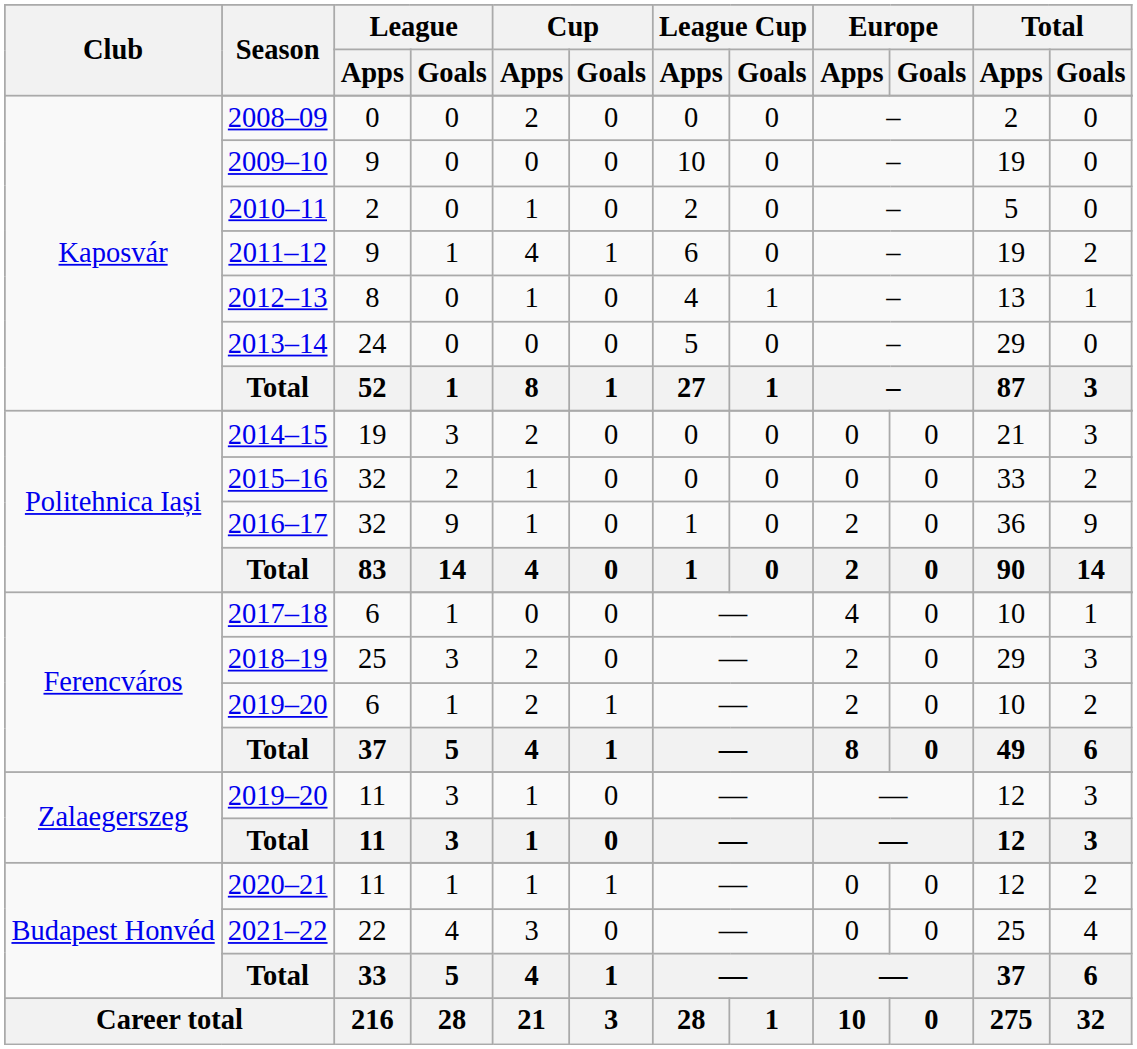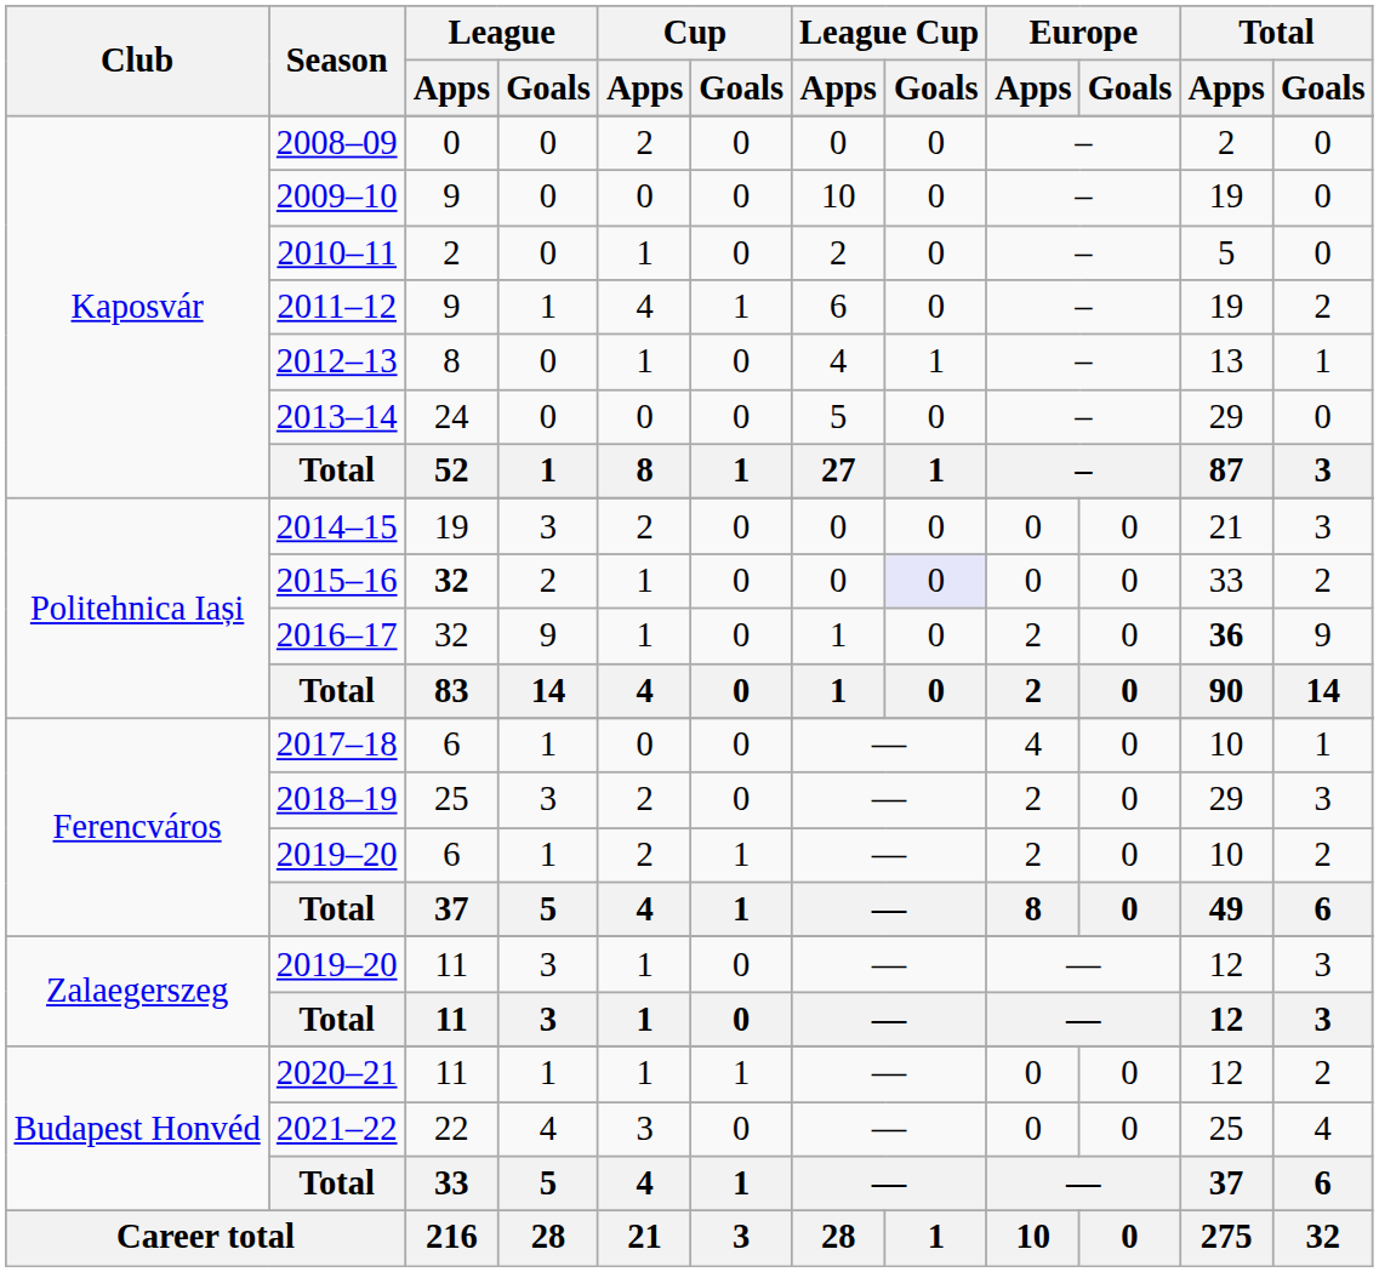 <table class="wikitable" style="text-align: center;">
 <tr>
 <th rowspan="2">Club</th>
 <th rowspan="2">Season</th>
 <th colspan="2">League</th>
 <th colspan="2">Cup</th>
 <th colspan="2">League Cup</th>
 <th colspan="2">Europe</th>
 <th colspan="2">Total</th>
 </tr>
 <tr>
 <th>Apps</th>
 <th>Goals</th>
 <th>Apps</th>
 <th>Goals</th>
 <th>Apps</th>
 <th>Goals</th>
 <th>Apps</th>
 <th>Goals</th>
 <th>Apps</th>
 <th>Goals</th>
 </tr>
 <tr>
 <td rowspan="8"><a href='#'>Kaposvár</a></td>
 </tr>
 <tr>
 <td><a href='#'>2008–09</a></td>
 <td>0</td>
 <td>0</td>
 <td>2</td>
 <td>0</td>
 <td>0</td>
 <td>0</td>
 <td rowspan=1 colspan="2">–</td>
 <td>2</td>
 <td>0</td>
 </tr>
 <tr>
 <td><a href='#'>2009–10</a></td>
 <td>9</td>
 <td>0</td>
 <td>0</td>
 <td>0</td>
 <td>10</td>
 <td>0</td>
 <td rowspan=1 colspan="2">–</td>
 <td>19</td>
 <td>0</td>
 </tr>
 <tr>
 <td><a href='#'>2010–11</a></td>
 <td>2</td>
 <td>0</td>
 <td>1</td>
 <td>0</td>
 <td>2</td>
 <td>0</td>
 <td rowspan=1 colspan="2">–</td>
 <td>5</td>
 <td>0</td>
 </tr>
 <tr>
 <td><a href='#'>2011–12</a></td>
 <td>9</td>
 <td>1</td>
 <td>4</td>
 <td>1</td>
 <td>6</td>
 <td>0</td>
 <td rowspan=1 colspan="2">–</td>
 <td>19</td>
 <td>2</td>
 </tr>
 <tr>
 <td><a href='#'>2012–13</a></td>
 <td>8</td>
 <td>0</td>
 <td>1</td>
 <td>0</td>
 <td>4</td>
 <td>1</td>
 <td rowspan=1 colspan="2">–</td>
 <td>13</td>
 <td>1</td>
 </tr>
 <tr>
 <td><a href='#'>2013–14</a></td>
 <td>24</td>
 <td>0</td>
 <td>0</td>
 <td>0</td>
 <td>5</td>
 <td>0</td>
 <td rowspan=1 colspan="2">–</td>
 <td>29</td>
 <td>0</td>
 </tr>
 <tr>
 <th>Total</th>
 <th>52</th>
 <th>1</th>
 <th>8</th>
 <th>1</th>
 <th>27</th>
 <th>1</th>
 <th rowspan=1 colspan="2">–</th>
 <th>87</th>
 <th>3</th>
 </tr>
 <tr>
 <td rowspan="5"><a href='#'>Politehnica Iași</a></td>
 </tr>
 <tr>
 <td><a href='#'>2014–15</a></td>
 <td>19</td>
 <td>3</td>
 <td>2</td>
 <td>0</td>
 <td>0</td>
 <td>0</td>
 <td>0</td>
 <td>0</td>
 <td>21</td>
 <td>3</td>
 </tr>
 <tr>
 <td><a href='#'>2015–16</a></td>
-<td>32</td>
+<td><strong>32</strong></td>
 <td>2</td>
 <td>1</td>
 <td>0</td>
 <td>0</td>
-<td>0</td>
+<td style="background: lavender;">0</td>
 <td>0</td>
 <td>0</td>
 <td>33</td>
 <td>2</td>
 </tr>
 <tr>
 <td><a href='#'>2016–17</a></td>
 <td>32</td>
 <td>9</td>
 <td>1</td>
 <td>0</td>
 <td>1</td>
 <td>0</td>
 <td>2</td>
 <td>0</td>
-<td>36</td>
+<td><strong>36</strong></td>
 <td>9</td>
 </tr>
 <tr>
 <th>Total</th>
 <th>83</th>
 <th>14</th>
 <th>4</th>
 <th>0</th>
 <th>1</th>
 <th>0</th>
 <th>2</th>
 <th>0</th>
 <th>90</th>
 <th>14</th>
 </tr>
 <tr>
 <td rowspan="5"><a href='#'>Ferencváros</a></td>
 </tr>
 <tr>
 <td><a href='#'>2017–18</a></td>
 <td>6</td>
 <td>1</td>
 <td>0</td>
 <td>0</td>
 <td colspan="2">—</td>
 <td>4</td>
 <td>0</td>
 <td>10</td>
 <td>1</td>
 </tr>
 <tr>
 <td><a href='#'>2018–19</a></td>
 <td>25</td>
 <td>3</td>
 <td>2</td>
 <td>0</td>
 <td colspan="2">—</td>
 <td>2</td>
 <td>0</td>
 <td>29</td>
 <td>3</td>
 </tr>
 <tr>
 <td><a href='#'>2019–20</a></td>
 <td>6</td>
 <td>1</td>
 <td>2</td>
 <td>1</td>
 <td colspan="2">—</td>
 <td>2</td>
 <td>0</td>
 <td>10</td>
 <td>2</td>
 </tr>
 <tr>
 <th>Total</th>
 <th>37</th>
 <th>5</th>
 <th>4</th>
 <th>1</th>
 <th colspan="2">—</th>
 <th>8</th>
 <th>0</th>
 <th>49</th>
 <th>6</th>
 </tr>
 <tr>
 <td rowspan="3"><a href='#'>Zalaegerszeg</a></td>
 </tr>
 <tr>
 <td><a href='#'>2019–20</a></td>
 <td>11</td>
 <td>3</td>
 <td>1</td>
 <td>0</td>
 <td colspan="2">—</td>
 <td colspan="2">—</td>
 <td>12</td>
 <td>3</td>
 </tr>
 <tr>
 <th>Total</th>
 <th>11</th>
 <th>3</th>
 <th>1</th>
 <th>0</th>
 <th colspan="2">—</th>
 <th colspan="2">—</th>
 <th>12</th>
 <th>3</th>
 </tr>
 <tr>
 <td rowspan="4"><a href='#'>Budapest Honvéd</a></td>
 </tr>
 <tr>
 <td><a href='#'>2020–21</a></td>
 <td>11</td>
 <td>1</td>
 <td>1</td>
 <td>1</td>
 <td colspan="2">—</td>
 <td>0</td>
 <td>0</td>
 <td>12</td>
 <td>2</td>
 </tr>
 <tr>
 <td><a href='#'>2021–22</a></td>
 <td>22</td>
 <td>4</td>
 <td>3</td>
 <td>0</td>
 <td colspan="2">—</td>
 <td>0</td>
 <td>0</td>
 <td>25</td>
 <td>4</td>
 </tr>
 <tr>
 <th>Total</th>
 <th>33</th>
 <th>5</th>
 <th>4</th>
 <th>1</th>
 <th colspan="2">—</th>
 <th colspan="2">—</th>
 <th>37</th>
 <th>6</th>
 </tr>
 <tr>
 <th colspan="2">Career total</th>
 <th>216</th>
 <th>28</th>
 <th>21</th>
 <th>3</th>
 <th>28</th>
 <th>1</th>
 <th>10</th>
 <th>0</th>
 <th>275</th>
 <th>32</th>
 </tr>
 </table>
